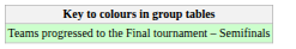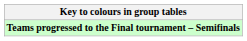 <table class="wikitable">
 <tr>
 <th>Key to colours in group tables</th>
 </tr>
 <tr bgcolor=#ccffcc>
-<td>Teams progressed to the Final tournament – Semifinals</td>
+<td><strong>Teams progressed to the Final tournament – Semifinals</strong></td>
 </tr>
 </table>
